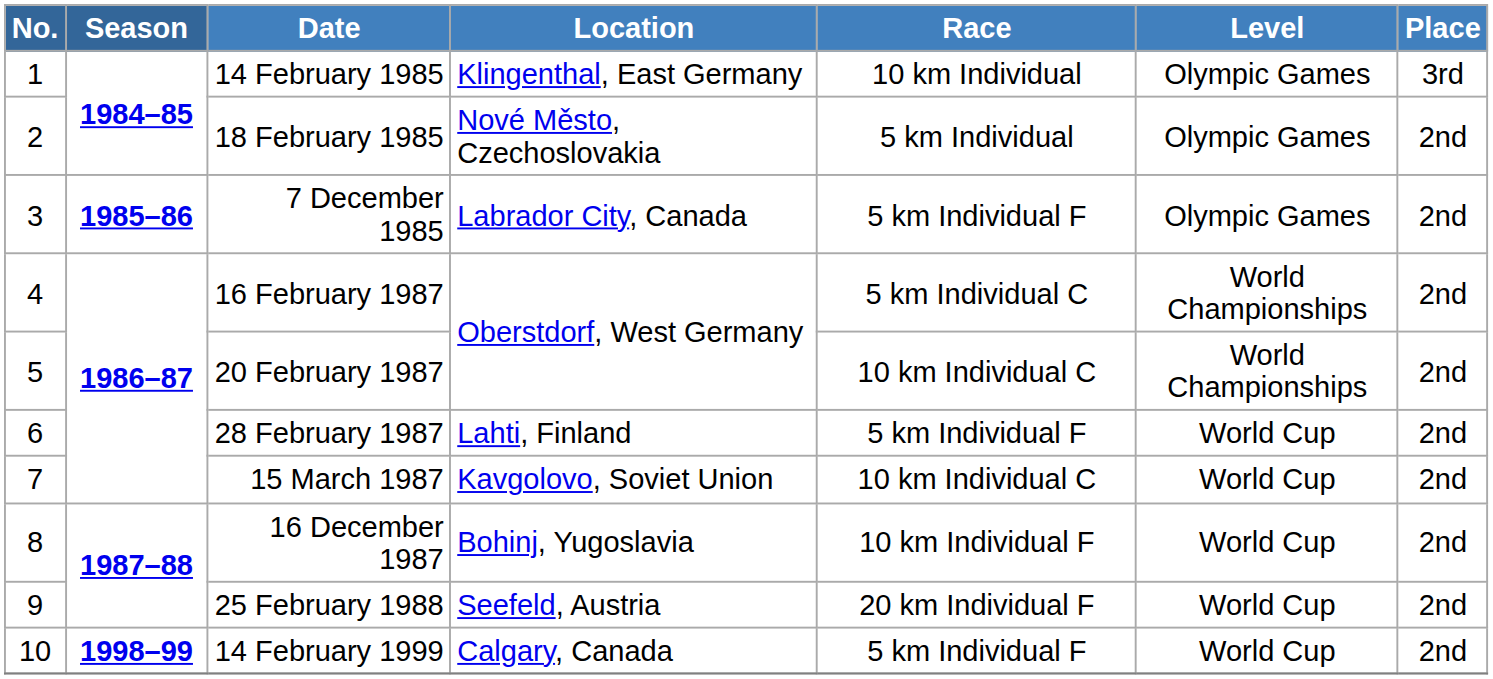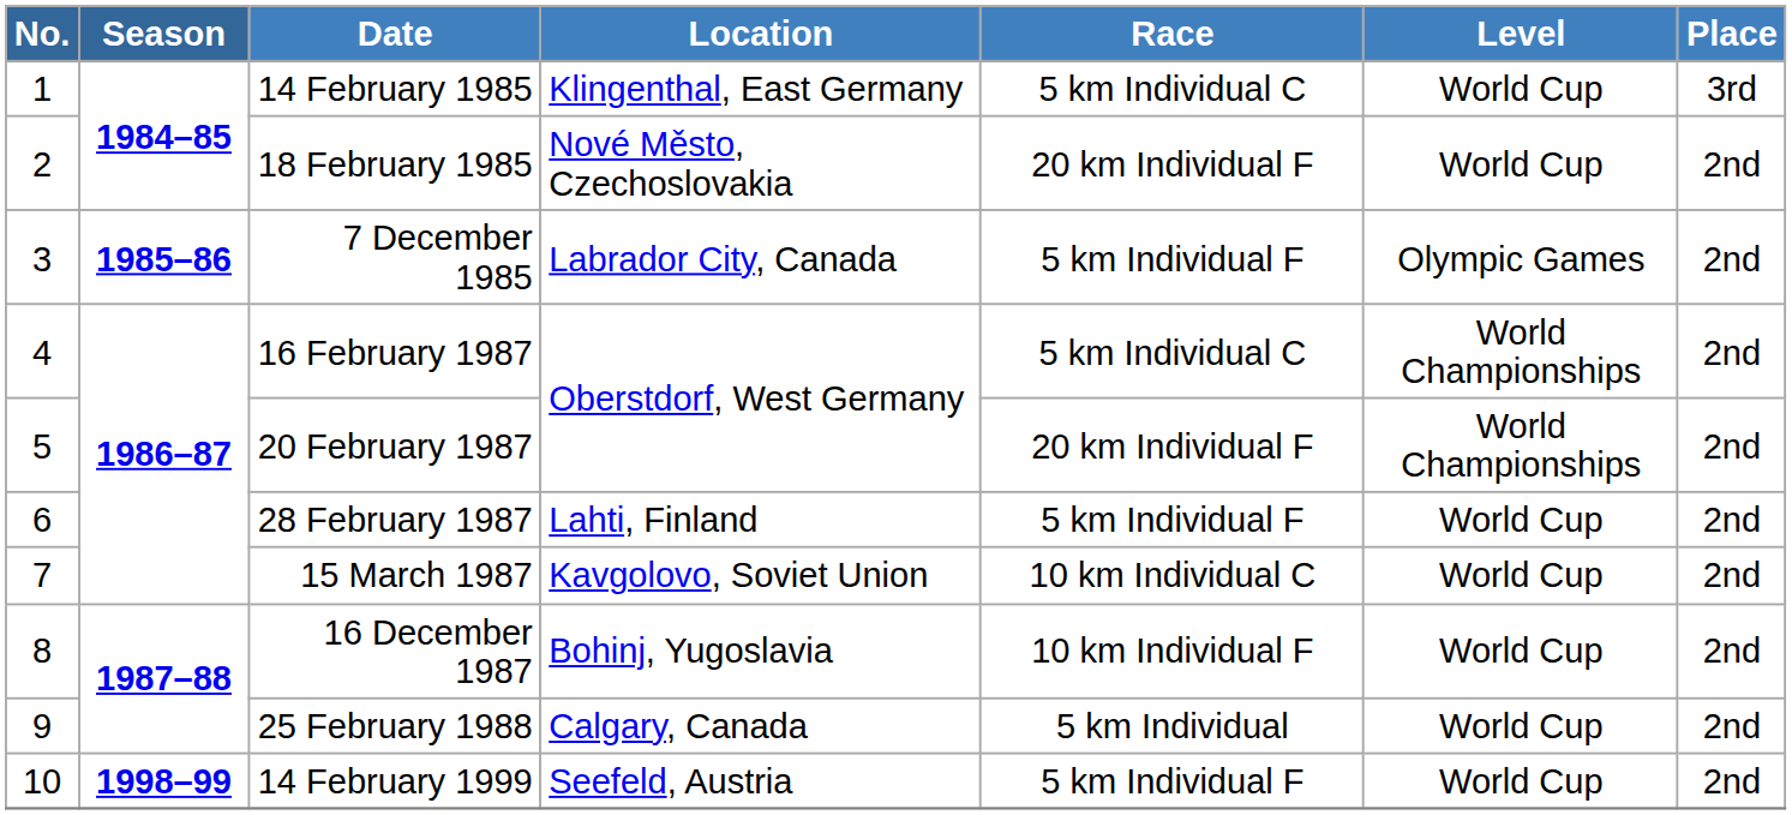 <table class="wikitable sortable" style="font-size:95%; text-align:center; border:grey solid 1px; border-collapse:collapse; background:#ffffff;">
 <tr style="background:#efefef;">
 <th style="background-color:#369; color:white;">No.</th>
 <th style="background-color:#369; color:white;">Season</th>
 <th style="background-color:#4180be; color:white; width:120px;">Date</th>
 <th style="background-color:#4180be; color:white; width:185px;">Location</th>
 <th style="background-color:#4180be; color:white; width:160px;">Race</th>
 <th style="background-color:#4180be; color:white; width:130px;">Level</th>
 <th style="background-color:#4180be; color:white;">Place</th>
 </tr>
 <tr>
 <td align=center>1</td>
 <td rowspan=2 align=center><strong> <a href='#'>1984–85</a> </strong></td>
 <td align=right>14 February 1985</td>
 <td align=left> <a href='#'>Klingenthal</a>, East Germany</td>
-<td>10 km Individual</td>
-<td>Olympic Games</td>
+<td>5 km Individual C</td>
+<td>World Cup</td>
 <td>3rd</td>
 </tr>
 <tr>
 <td align=center>2</td>
 <td align=right>18 February 1985</td>
 <td align=left> <a href='#'>Nové Město</a>, Czechoslovakia</td>
-<td>5 km Individual</td>
-<td>Olympic Games</td>
+<td>20 km Individual F</td>
+<td>World Cup</td>
 <td>2nd</td>
 </tr>
 <tr>
 <td align=center>3</td>
 <td rowspan=1 align=center><strong> <a href='#'>1985–86</a> </strong></td>
 <td align=right>7 December 1985</td>
 <td align=left> <a href='#'>Labrador City</a>, Canada</td>
 <td>5 km Individual F</td>
 <td>Olympic Games</td>
 <td>2nd</td>
 </tr>
 <tr>
 <td align=center>4</td>
 <td rowspan=4 align=center><strong> <a href='#'>1986–87</a> </strong></td>
 <td align=right>16 February 1987</td>
 <td rowspan=2 align=left> <a href='#'>Oberstdorf</a>, West Germany</td>
 <td>5 km Individual C</td>
 <td>World Championships</td>
 <td>2nd</td>
 </tr>
 <tr>
 <td align=center>5</td>
 <td align=right>20 February 1987</td>
-<td>10 km Individual C</td>
+<td>20 km Individual F</td>
 <td>World Championships</td>
 <td>2nd</td>
 </tr>
 <tr>
 <td align=center>6</td>
 <td align=right>28 February 1987</td>
 <td align=left> <a href='#'>Lahti</a>, Finland</td>
 <td>5 km Individual F</td>
 <td>World Cup</td>
 <td>2nd</td>
 </tr>
 <tr>
 <td align=center>7</td>
 <td align=right>15 March 1987</td>
 <td align=left> <a href='#'>Kavgolovo</a>, Soviet Union</td>
 <td>10 km Individual C</td>
 <td>World Cup</td>
 <td>2nd</td>
 </tr>
 <tr>
 <td align=center>8</td>
 <td rowspan=2 align=center><strong> <a href='#'>1987–88</a> </strong></td>
 <td align=right>16 December 1987</td>
 <td align=left> <a href='#'>Bohinj</a>, Yugoslavia</td>
 <td>10 km Individual F</td>
 <td>World Cup</td>
 <td>2nd</td>
 </tr>
 <tr>
 <td align=center>9</td>
 <td align=right>25 February 1988</td>
-<td align=left> <a href='#'>Seefeld</a>, Austria</td>
-<td>20 km Individual F</td>
+<td align=left> <a href='#'>Calgary</a>, Canada</td>
+<td>5 km Individual</td>
 <td>World Cup</td>
 <td>2nd</td>
 </tr>
 <tr>
 <td align=center>10</td>
 <td rowspan=1 align=center><strong> <a href='#'>1998–99</a> </strong></td>
 <td align=right>14 February 1999</td>
-<td align=left> <a href='#'>Calgary</a>, Canada</td>
+<td align=left> <a href='#'>Seefeld</a>, Austria</td>
 <td>5 km Individual F</td>
 <td>World Cup</td>
 <td>2nd</td>
 </tr>
 <tr>
 </tr>
 </table>
